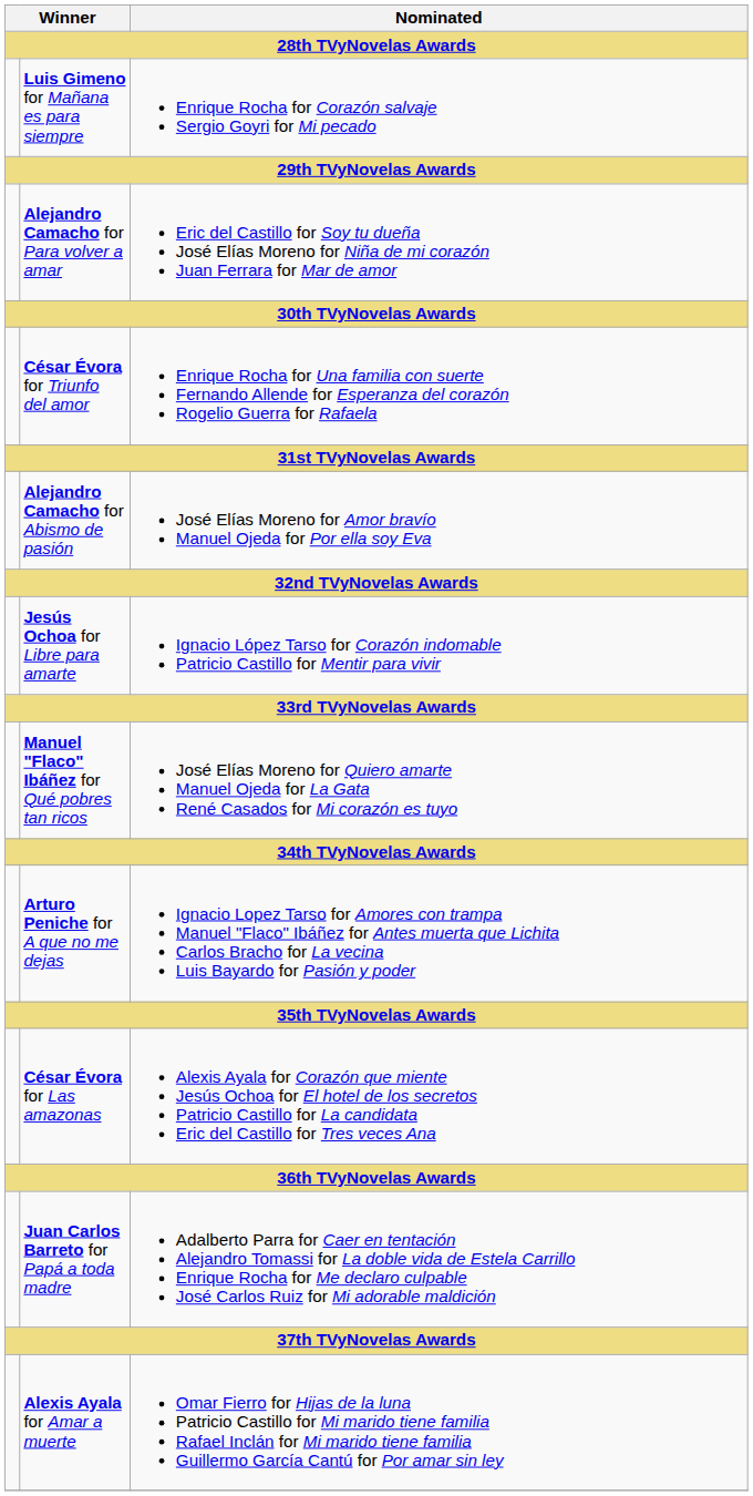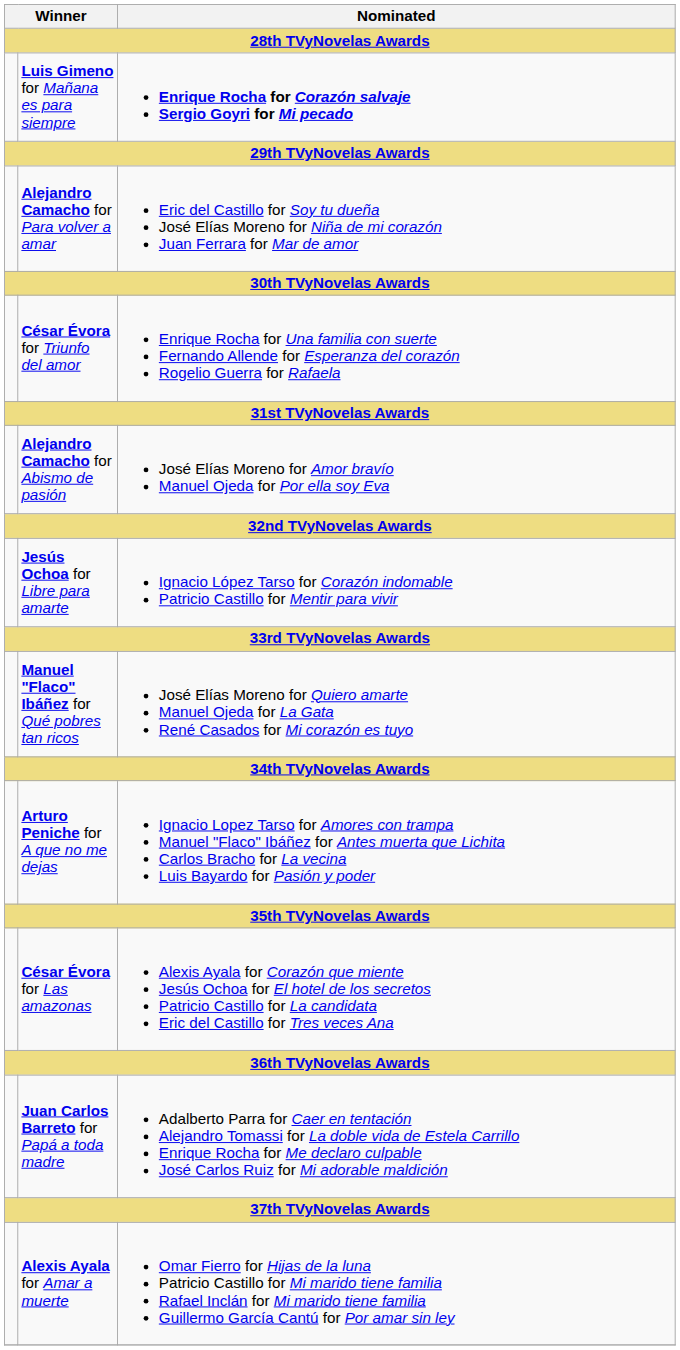 <table class="wikitable" width=80%>
 <tr align=center>
 <th width="150px;" colspan=2; align="center">Winner</th>
 <th width="580px;" align="center">Nominated</th>
 </tr>
 <tr>
 <th colspan=9 style="background:#EEDD82;"  align="center"><strong><a href='#'>28th TVyNovelas Awards</a></strong></th>
 </tr>
 <tr>
 <td width=2%></td>
 <td><strong><a href='#'>Luis Gimeno</a></strong> for <em><a href='#'>Mañana es para siempre</a></em></td>
-<td><br><ul><li><a href='#'>Enrique Rocha</a> for <em><a href='#'>Corazón salvaje</a></em></li><li><a href='#'>Sergio Goyri</a> for <em><a href='#'>Mi pecado</a></em></li></ul></td>
+<td><strong><br><ul><li><a href='#'>Enrique Rocha</a> for <em><a href='#'>Corazón salvaje</a></em></li><li><a href='#'>Sergio Goyri</a> for <em><a href='#'>Mi pecado</a></em></li></ul></strong></td>
 </tr>
 <tr>
 <th colspan=9 style="background:#EEDD82;"  align="center"><strong><a href='#'>29th TVyNovelas Awards</a></strong></th>
 </tr>
 <tr>
 <td width=2%></td>
 <td><strong><a href='#'>Alejandro Camacho</a></strong> for <em><a href='#'>Para volver a amar</a></em></td>
 <td><br><ul><li><a href='#'>Eric del Castillo</a> for <em><a href='#'>Soy tu dueña</a></em></li><li>José Elías Moreno for <em><a href='#'>Niña de mi corazón</a></em></li><li><a href='#'>Juan Ferrara</a> for <em><a href='#'>Mar de amor</a></em></li></ul></td>
 </tr>
 <tr>
 <th colspan=9 style="background:#EEDD82;"  align="center"><strong><a href='#'>30th TVyNovelas Awards</a></strong></th>
 </tr>
 <tr>
 <td width=2%></td>
 <td><strong><a href='#'>César Évora</a></strong> for <em><a href='#'>Triunfo del amor</a></em></td>
 <td><br><ul><li><a href='#'>Enrique Rocha</a> for <em><a href='#'>Una familia con suerte</a></em></li><li><a href='#'>Fernando Allende</a> for <em><a href='#'>Esperanza del corazón</a></em></li><li><a href='#'>Rogelio Guerra</a> for <em><a href='#'>Rafaela</a></em></li></ul></td>
 </tr>
 <tr>
 <th colspan=9 style="background:#EEDD82;"  align="center"><strong><a href='#'>31st TVyNovelas Awards</a></strong></th>
 </tr>
 <tr>
 <td width=2%></td>
 <td><strong><a href='#'>Alejandro Camacho</a></strong> for <em><a href='#'>Abismo de pasión</a></em></td>
 <td><br><ul><li>José Elías Moreno for <em><a href='#'>Amor bravío</a></em></li><li><a href='#'>Manuel Ojeda</a> for <em><a href='#'>Por ella soy Eva</a></em></li></ul></td>
 </tr>
 <tr>
 <th colspan=9 style="background:#EEDD82;"  align="center"><strong><a href='#'>32nd TVyNovelas Awards</a></strong></th>
 </tr>
 <tr>
 <td width=2%></td>
 <td><strong><a href='#'>Jesús Ochoa</a></strong> for <em><a href='#'>Libre para amarte</a></em></td>
 <td><br><ul><li><a href='#'>Ignacio López Tarso</a> for <em><a href='#'>Corazón indomable</a></em></li><li><a href='#'>Patricio Castillo</a> for <em><a href='#'>Mentir para vivir</a></em></li></ul></td>
 </tr>
 <tr>
 <th colspan=9 style="background:#EEDD82;"  align="center"><strong><a href='#'>33rd TVyNovelas Awards</a></strong></th>
 </tr>
 <tr>
 <td width=2%></td>
 <td><strong><a href='#'>Manuel "Flaco" Ibáñez</a></strong> for <em><a href='#'>Qué pobres tan ricos</a></em></td>
 <td><br><ul><li>José Elías Moreno for <em><a href='#'>Quiero amarte</a></em></li><li><a href='#'>Manuel Ojeda</a> for <em><a href='#'>La Gata</a></em></li><li><a href='#'>René Casados</a> for <em><a href='#'>Mi corazón es tuyo</a></em></li></ul></td>
 </tr>
 <tr>
 <th colspan=9 style="background:#EEDD82;"  align="center"><strong><a href='#'>34th TVyNovelas Awards</a></strong></th>
 </tr>
 <tr>
 <td width=2%></td>
 <td><strong><a href='#'>Arturo Peniche</a></strong> for <em><a href='#'>A que no me dejas</a></em></td>
 <td><br><ul><li><a href='#'>Ignacio Lopez Tarso</a> for <em><a href='#'>Amores con trampa</a></em></li><li><a href='#'>Manuel "Flaco" Ibáñez</a> for <em><a href='#'>Antes muerta que Lichita</a></em></li><li><a href='#'>Carlos Bracho</a> for <em><a href='#'>La vecina</a></em></li><li><a href='#'>Luis Bayardo</a> for <em><a href='#'>Pasión y poder</a></em></li></ul></td>
 </tr>
 <tr>
 <th colspan=9 style="background:#EEDD82;"  align="center"><strong><a href='#'>35th TVyNovelas Awards</a></strong></th>
 </tr>
 <tr>
 <td width=2%></td>
 <td><strong><a href='#'>César Évora</a></strong> for <em><a href='#'>Las amazonas</a></em></td>
 <td><br><ul><li><a href='#'>Alexis Ayala</a> for <em><a href='#'>Corazón que miente</a></em></li><li><a href='#'>Jesús Ochoa</a> for <em><a href='#'>El hotel de los secretos</a></em></li><li><a href='#'>Patricio Castillo</a> for <em><a href='#'>La candidata</a></em></li><li><a href='#'>Eric del Castillo</a> for <em><a href='#'>Tres veces Ana</a></em></li></ul></td>
 </tr>
 <tr>
 <th colspan=9 style="background:#EEDD82;"  align="center"><strong><a href='#'>36th TVyNovelas Awards</a></strong></th>
 </tr>
 <tr>
 <td width=2%></td>
 <td><strong><a href='#'>Juan Carlos Barreto</a></strong> for <em><a href='#'>Papá a toda madre</a></em></td>
 <td><br><ul><li>Adalberto Parra for <em><a href='#'>Caer en tentación</a></em></li><li><a href='#'>Alejandro Tomassi</a> for <em><a href='#'>La doble vida de Estela Carrillo</a></em></li><li><a href='#'>Enrique Rocha</a> for <em><a href='#'>Me declaro culpable</a></em></li><li><a href='#'>José Carlos Ruiz</a> for <em><a href='#'>Mi adorable maldición</a></em></li></ul></td>
 </tr>
 <tr>
 <th colspan=9 style="background:#EEDD82;"  align="center"><strong><a href='#'>37th TVyNovelas Awards</a></strong></th>
 </tr>
 <tr>
 <td width=2%></td>
 <td><strong><a href='#'>Alexis Ayala</a></strong> for <em><a href='#'>Amar a muerte</a></em></td>
 <td><br><ul><li><a href='#'>Omar Fierro</a> for <em><a href='#'>Hijas de la luna</a></em></li><li>Patricio Castillo for <em><a href='#'>Mi marido tiene familia</a></em></li><li><a href='#'>Rafael Inclán</a> for <em><a href='#'>Mi marido tiene familia</a></em></li><li><a href='#'>Guillermo García Cantú</a> for <em><a href='#'>Por amar sin ley</a></em></li></ul></td>
 </tr>
 <tr>
 </tr>
 </table>
